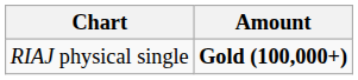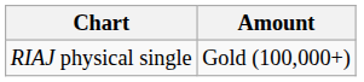 <table class="wikitable" style="text-align:center;">
 <tr>
 <th>Chart</th>
 <th>Amount</th>
 </tr>
 <tr>
 <td align="left"><em>RIAJ</em> physical single</td>
-<td><strong>Gold (100,000+)<br></strong></td>
+<td>Gold (100,000+)<br></td>
 </tr>
 </table>
